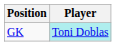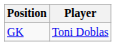 <table class="wikitable sortable">
 <tr>
 <th>Position</th>
 <th>Player</th>
 </tr>
 <tr>
 <td><a href='#'>GK</a></td>
-<td style="background: paleturquoise;"> <a href='#'>Toni Doblas</a></td>
+<td> <a href='#'>Toni Doblas</a></td>
 </tr>
 </table>
